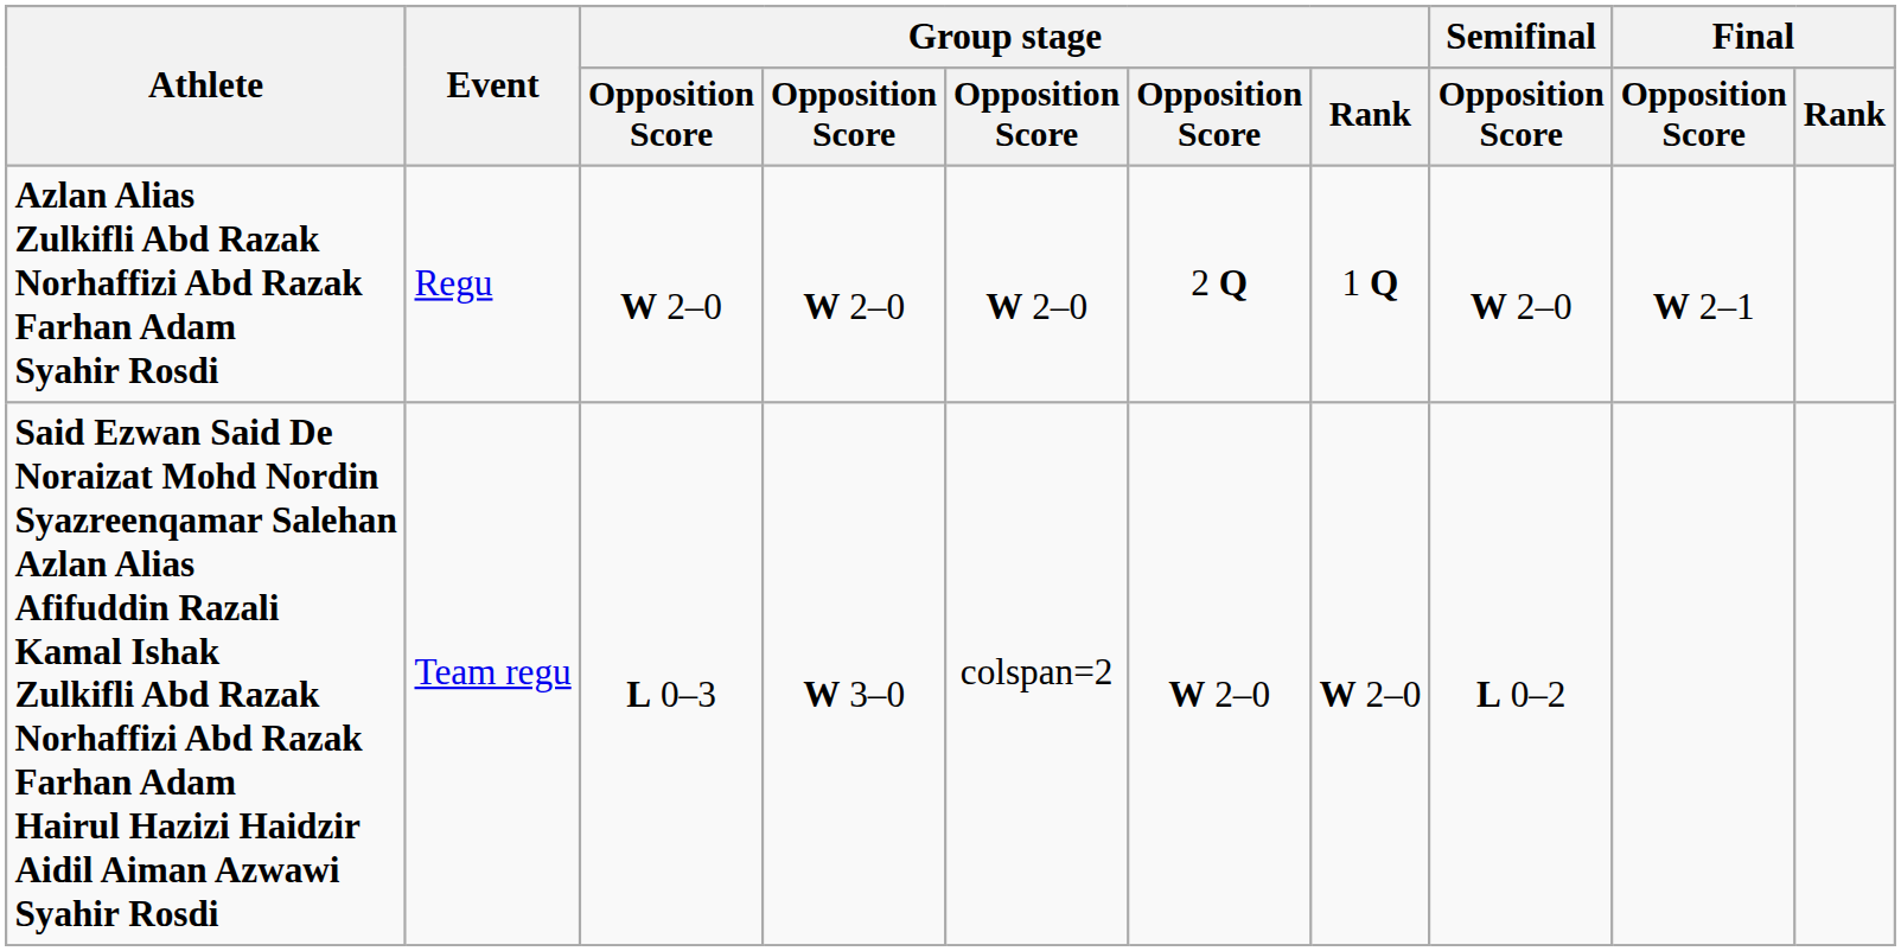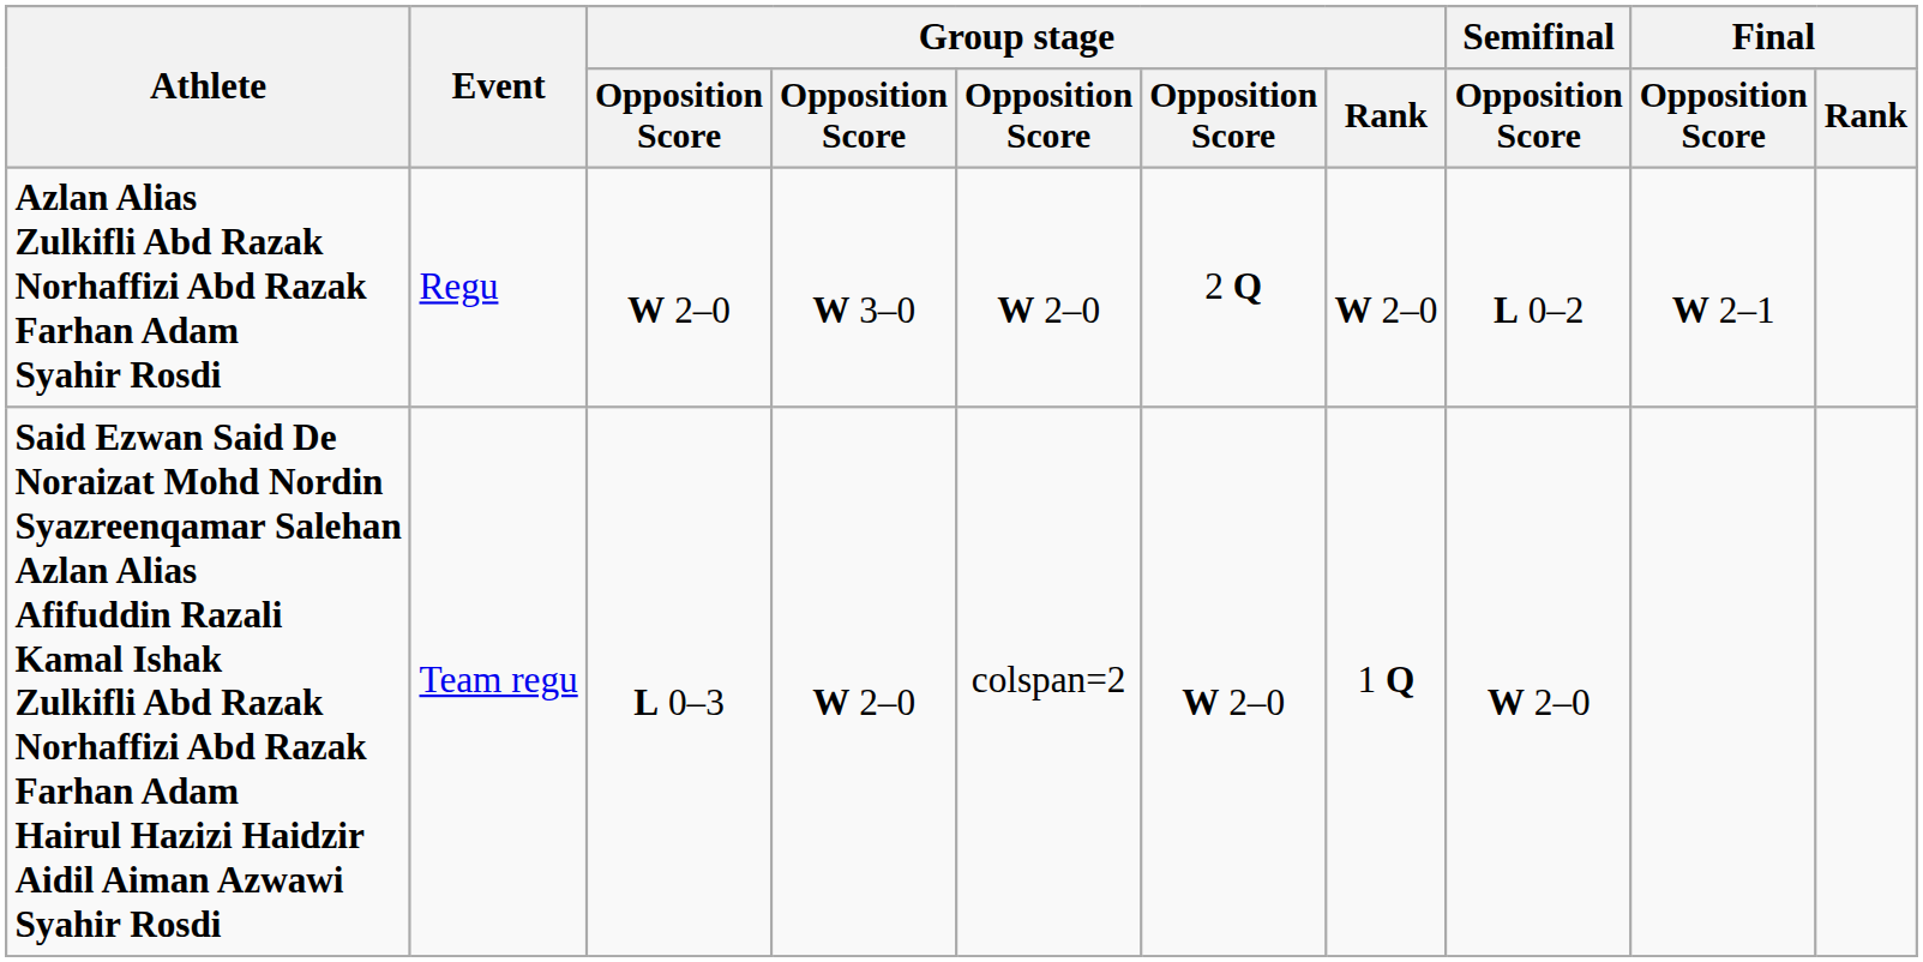 <table class=wikitable style="font-size:90%; text-align:center">
 <tr>
 <th rowspan="2">Athlete</th>
 <th rowspan="2">Event</th>
 <th colspan=5>Group stage</th>
 <th>Semifinal</th>
 <th colspan=2>Final</th>
 </tr>
 <tr style="font-size:95%">
 <th>Opposition<br>Score</th>
 <th>Opposition<br>Score</th>
 <th>Opposition<br>Score</th>
 <th>Opposition<br>Score</th>
 <th>Rank</th>
 <th>Opposition<br>Score</th>
 <th>Opposition<br>Score</th>
 <th>Rank</th>
 </tr>
 <tr>
 <td align=left><strong>Azlan Alias<br>Zulkifli Abd Razak<br>Norhaffizi Abd Razak<br>Farhan Adam<br>Syahir Rosdi</strong></td>
 <td align=left><a href='#'>Regu</a></td>
 <td><br><strong>W</strong> 2–0</td>
-<td><br><strong>W</strong> 2–0</td>
+<td><br><strong>W</strong> 3–0</td>
 <td><br><strong>W</strong> 2–0</td>
 <td>2 <strong>Q</strong></td>
-<td>1 <strong>Q</strong></td>
 <td><br><strong>W</strong> 2–0</td>
+<td><br><strong>L</strong> 0–2</td>
 <td><br><strong>W</strong> 2–1</td>
 <td></td>
 </tr>
 <tr>
 <td align=left><strong>Said Ezwan Said De<br>Noraizat Mohd Nordin<br>Syazreenqamar Salehan<br>Azlan Alias<br>Afifuddin Razali<br>Kamal Ishak<br>Zulkifli Abd Razak<br>Norhaffizi Abd Razak<br>Farhan Adam<br>Hairul Hazizi Haidzir<br>Aidil Aiman Azwawi<br>Syahir Rosdi</strong></td>
 <td align=left><a href='#'>Team regu</a></td>
 <td><br><strong>L</strong> 0–3</td>
-<td><br><strong>W</strong> 3–0</td>
+<td><br><strong>W</strong> 2–0</td>
 <td>colspan=2 </td>
 <td><br><strong>W</strong> 2–0</td>
+<td>1 <strong>Q</strong></td>
 <td><br><strong>W</strong> 2–0</td>
-<td><br><strong>L</strong> 0–2</td>
 <td></td>
 </tr>
 </table>
